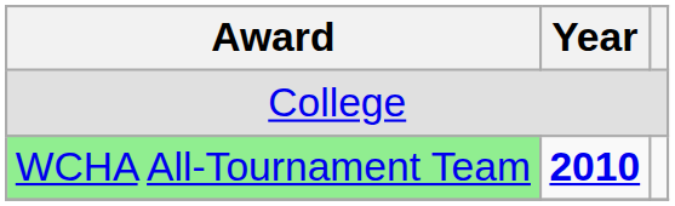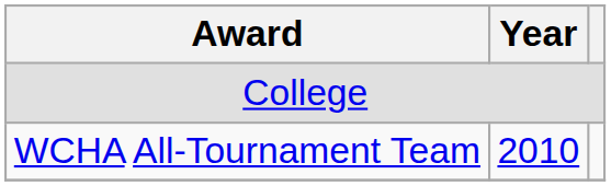 <table class="wikitable">
 <tr>
 <th>Award</th>
 <th>Year</th>
 <th></th>
 </tr>
 <tr ALIGN="center" bgcolor="#e0e0e0">
 <td colspan="3"><a href='#'>College</a></td>
 </tr>
 <tr>
-<td style="background: lightgreen;"><a href='#'>WCHA</a> <a href='#'>All-Tournament Team</a></td>
-<td><strong><a href='#'>2010</a></strong></td>
+<td><a href='#'>WCHA</a> <a href='#'>All-Tournament Team</a></td>
+<td><a href='#'>2010</a></td>
 <td></td>
 </tr>
 <tr>
 </tr>
 </table>
